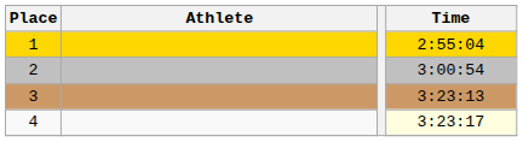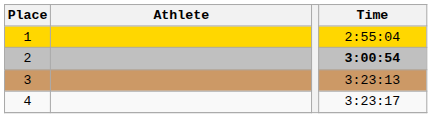 <table class="wikitable" style="text-align:center">
 <tr>
 <th>Place</th>
 <th width=250>Athlete</th>
 <th rowspan=27></th>
 <th width=100>Time</th>
 </tr>
 <tr bgcolor=gold>
 <td>1</td>
 <td align=left></td>
 <td>2:55:04</td>
 </tr>
 <tr bgcolor=silver>
 <td>2</td>
 <td align=left></td>
-<td>3:00:54</td>
+<td><strong>3:00:54</strong></td>
 </tr>
 <tr bgcolor=cc9966>
 <td>3</td>
 <td align=left></td>
 <td>3:23:13</td>
 </tr>
 <tr>
 <td>4</td>
 <td align=left></td>
-<td style="background: lightyellow;">3:23:17</td>
+<td>3:23:17</td>
 </tr>
 <tr>
 </tr>
 </table>
